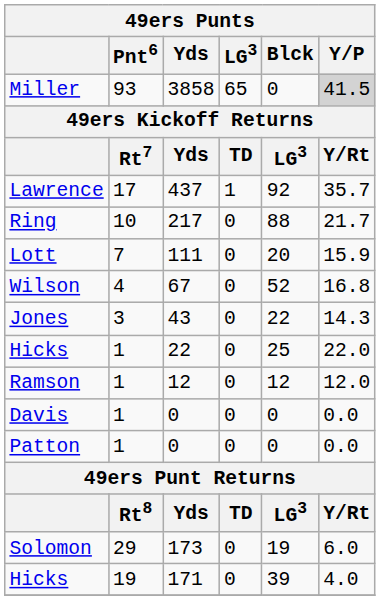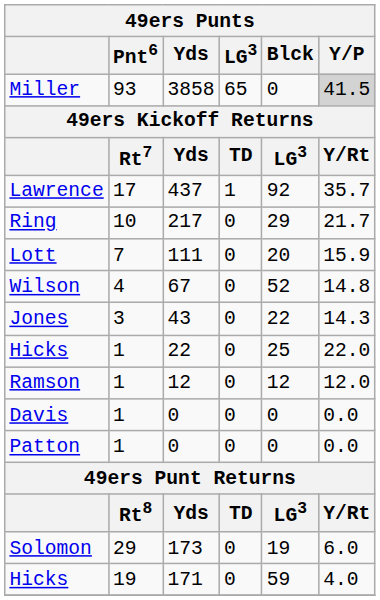 <table class="wikitable">
 <tr>
 <th colspan=6>49ers Punts</th>
 </tr>
 <tr>
 <th></th>
 <th>Pnt<sup>6</sup></th>
 <th>Yds</th>
 <th>LG<sup>3</sup></th>
 <th>Blck</th>
 <th>Y/P</th>
 </tr>
 <tr>
 <td><a href='#'>Miller</a></td>
 <td>93</td>
 <td>3858</td>
 <td>65</td>
 <td>0</td>
 <td style="background: lightgrey;">41.5</td>
 </tr>
 <tr>
 <th colspan=6>49ers Kickoff Returns</th>
 </tr>
 <tr>
 <th></th>
 <th>Rt<sup>7</sup></th>
 <th>Yds</th>
 <th>TD</th>
 <th>LG<sup>3</sup></th>
 <th>Y/Rt</th>
 </tr>
 <tr>
 <td><a href='#'>Lawrence</a></td>
 <td>17</td>
 <td>437</td>
 <td>1</td>
 <td>92</td>
 <td>35.7</td>
 </tr>
 <tr>
 <td><a href='#'>Ring</a></td>
 <td>10</td>
 <td>217</td>
 <td>0</td>
-<td>88</td>
+<td>29</td>
 <td>21.7</td>
 </tr>
 <tr>
 <td><a href='#'>Lott</a></td>
 <td>7</td>
 <td>111</td>
 <td>0</td>
 <td>20</td>
 <td>15.9</td>
 </tr>
 <tr>
 <td><a href='#'>Wilson</a></td>
 <td>4</td>
 <td>67</td>
 <td>0</td>
 <td>52</td>
-<td>16.8</td>
+<td>14.8</td>
 </tr>
 <tr>
 <td><a href='#'>Jones</a></td>
 <td>3</td>
 <td>43</td>
 <td>0</td>
 <td>22</td>
 <td>14.3</td>
 </tr>
 <tr>
 <td><a href='#'>Hicks</a></td>
 <td>1</td>
 <td>22</td>
 <td>0</td>
 <td>25</td>
 <td>22.0</td>
 </tr>
 <tr>
 <td><a href='#'>Ramson</a></td>
 <td>1</td>
 <td>12</td>
 <td>0</td>
 <td>12</td>
 <td>12.0</td>
 </tr>
 <tr>
 <td><a href='#'>Davis</a></td>
 <td>1</td>
 <td>0</td>
 <td>0</td>
 <td>0</td>
 <td>0.0</td>
 </tr>
 <tr>
 <td><a href='#'>Patton</a></td>
 <td>1</td>
 <td>0</td>
 <td>0</td>
 <td>0</td>
 <td>0.0</td>
 </tr>
 <tr>
 <th colspan=6>49ers Punt Returns</th>
 </tr>
 <tr>
 <th></th>
 <th>Rt<sup>8</sup></th>
 <th>Yds</th>
 <th>TD</th>
 <th>LG<sup>3</sup></th>
 <th>Y/Rt</th>
 </tr>
 <tr>
 <td><a href='#'>Solomon</a></td>
 <td>29</td>
 <td>173</td>
 <td>0</td>
 <td>19</td>
 <td>6.0</td>
 </tr>
 <tr>
 <td><a href='#'>Hicks</a></td>
 <td>19</td>
 <td>171</td>
 <td>0</td>
-<td>39</td>
+<td>59</td>
 <td>4.0</td>
 </tr>
 <tr>
 </tr>
 </table>
